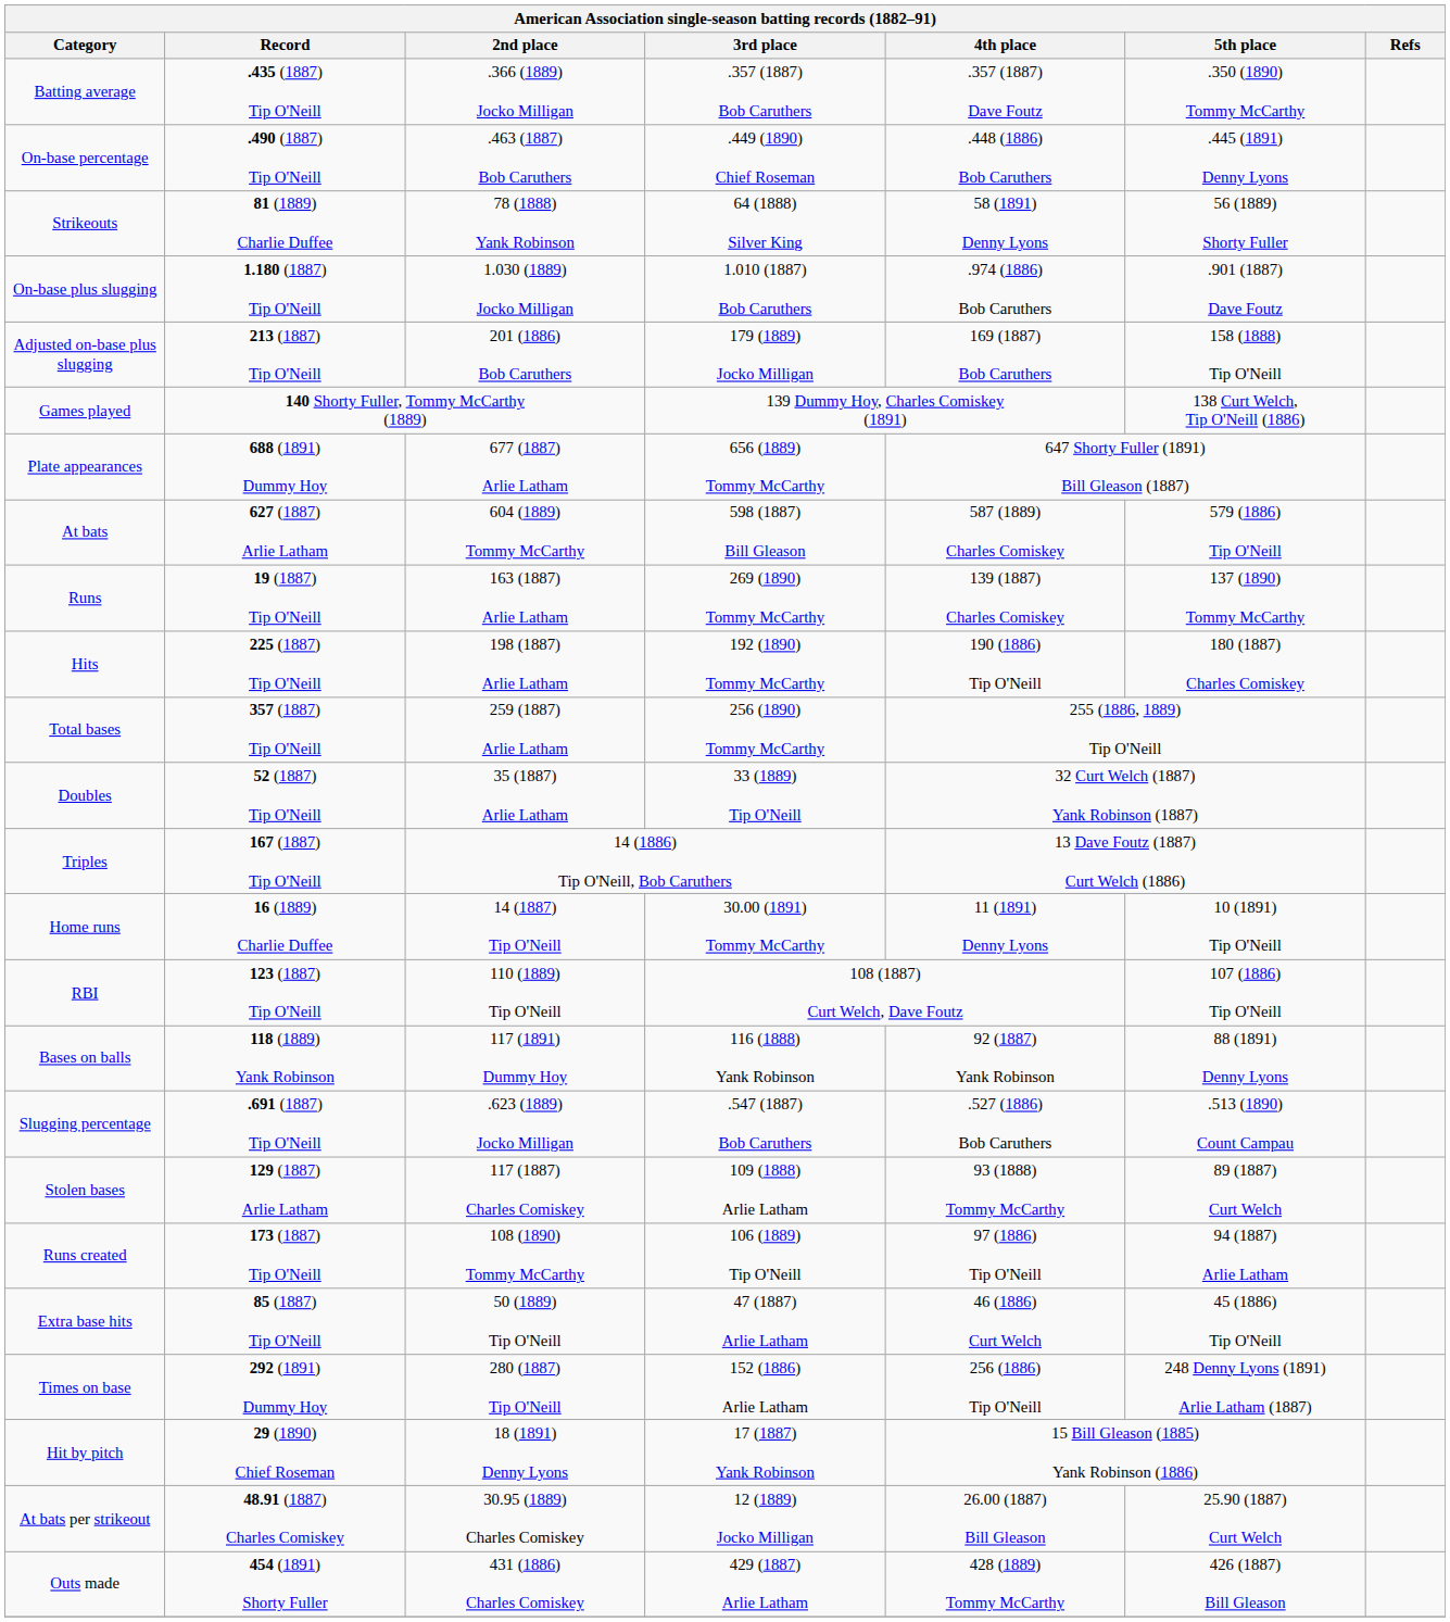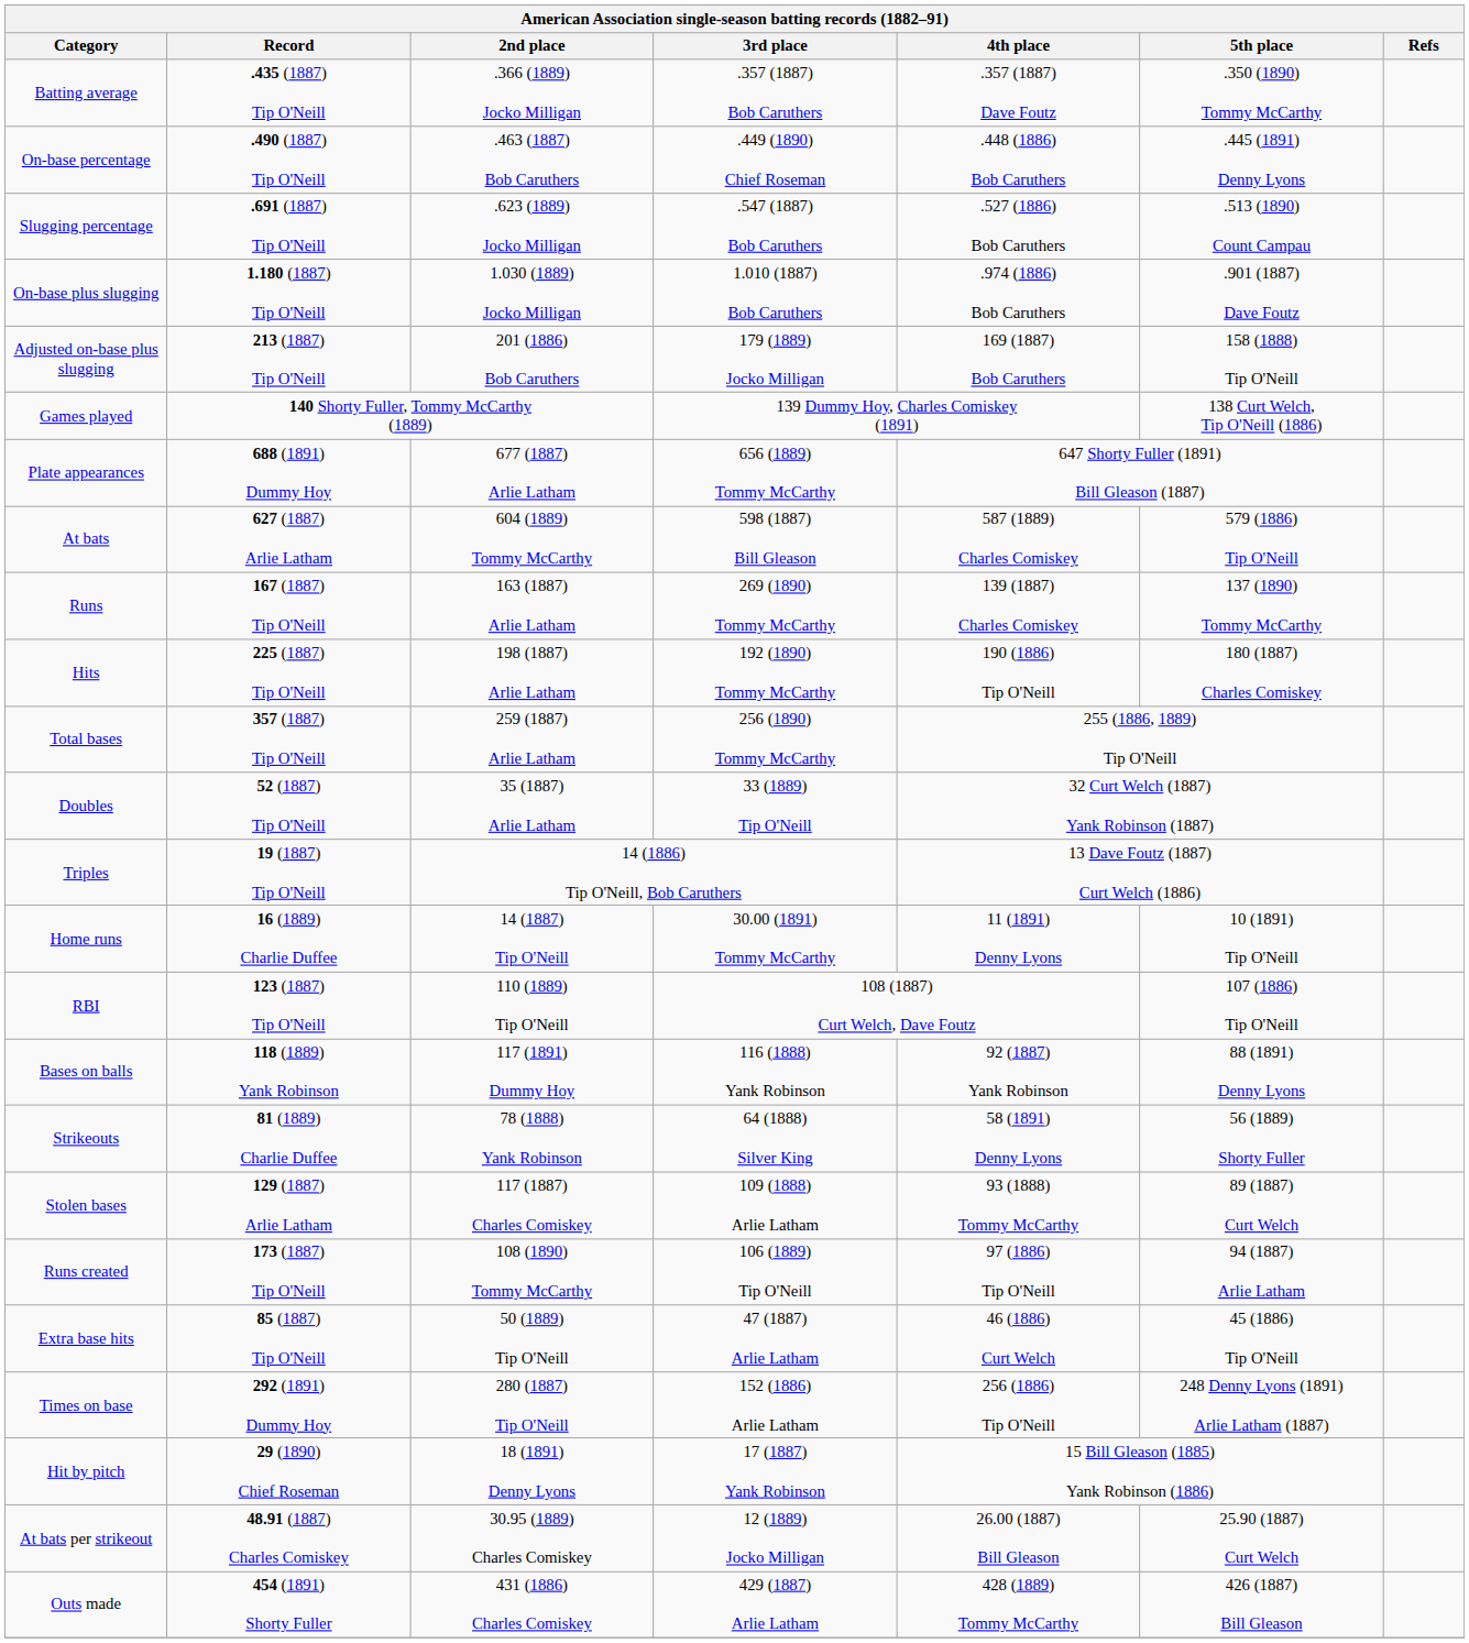 <table class="wikitable" style="text-align:center; font-size:88%; width:100%">
 <tr>
 <th colspan=7>American Association single-season batting records (1882–91)</th>
 </tr>
 <tr>
 <th scope="col" width=10%>Category</th>
 <th scope="col" width=15%>Record</th>
 <th scope="col" width=15%>2nd place</th>
 <th scope="col" width=15%>3rd place</th>
 <th scope="col" width=15%>4th place</th>
 <th scope="col" width=15%>5th place</th>
 <th scope="col" width=5%>Refs</th>
 </tr>
 <tr>
 <td><a href='#'>Batting average</a></td>
 <td><strong>.435</strong> (<a href='#'>1887</a>)<br><br><a href='#'>Tip O'Neill</a></td>
 <td>.366 (<a href='#'>1889</a>)<br><br><a href='#'>Jocko Milligan</a></td>
 <td>.357 (1887)<br><br><a href='#'>Bob Caruthers</a></td>
 <td>.357 (1887)<br><br><a href='#'>Dave Foutz</a></td>
 <td>.350 (<a href='#'>1890</a>)<br><br><a href='#'>Tommy McCarthy</a></td>
 <td></td>
 </tr>
 <tr>
 <td><a href='#'>On-base percentage</a></td>
 <td><strong>.490</strong> (<a href='#'>1887</a>)<br><br><a href='#'>Tip O'Neill</a></td>
 <td>.463 (<a href='#'>1887</a>)<br><br><a href='#'>Bob Caruthers</a></td>
 <td>.449 (<a href='#'>1890</a>)<br><br><a href='#'>Chief Roseman</a></td>
 <td>.448 (<a href='#'>1886</a>)<br><br><a href='#'>Bob Caruthers</a></td>
 <td>.445 (<a href='#'>1891</a>)<br><br><a href='#'>Denny Lyons</a></td>
 <td></td>
 </tr>
 <tr>
-<td><a href='#'>Strikeouts</a></td>
-<td><strong>81</strong> (<a href='#'>1889</a>)<br><br><a href='#'>Charlie Duffee</a></td>
-<td>78 (<a href='#'>1888</a>)<br><br><a href='#'>Yank Robinson</a></td>
-<td>64 (1888)<br><br><a href='#'>Silver King</a></td>
-<td>58 (<a href='#'>1891</a>)<br><br><a href='#'>Denny Lyons</a></td>
-<td>56 (1889)<br><br><a href='#'>Shorty Fuller</a></td>
+<td><a href='#'>Slugging percentage</a></td>
+<td><strong>.691</strong> (<a href='#'>1887</a>)<br><br><a href='#'>Tip O'Neill</a></td>
+<td>.623 (<a href='#'>1889</a>)<br><br><a href='#'>Jocko Milligan</a></td>
+<td>.547 (1887)<br><br><a href='#'>Bob Caruthers</a></td>
+<td>.527 (<a href='#'>1886</a>)<br><br>Bob Caruthers</td>
+<td>.513 (<a href='#'>1890</a>)<br><br><a href='#'>Count Campau</a></td>
 <td></td>
 </tr>
 <tr>
 <td><a href='#'>On-base plus slugging</a></td>
 <td><strong>1.180</strong> (<a href='#'>1887</a>)<br><br><a href='#'>Tip O'Neill</a></td>
 <td>1.030 (<a href='#'>1889</a>)<br><br><a href='#'>Jocko Milligan</a></td>
 <td>1.010 (1887)<br><br><a href='#'>Bob Caruthers</a></td>
 <td>.974 (<a href='#'>1886</a>)<br><br>Bob Caruthers</td>
 <td>.901 (1887)<br><br><a href='#'>Dave Foutz</a></td>
 <td></td>
 </tr>
 <tr>
 <td><a href='#'>Adjusted on-base plus slugging</a></td>
 <td><strong>213</strong> (<a href='#'>1887</a>)<br><br><a href='#'>Tip O'Neill</a></td>
 <td>201 (<a href='#'>1886</a>)<br><br><a href='#'>Bob Caruthers</a></td>
 <td>179 (<a href='#'>1889</a>)<br><br><a href='#'>Jocko Milligan</a></td>
 <td>169 (1887)<br><br><a href='#'>Bob Caruthers</a></td>
 <td>158 (<a href='#'>1888</a>)<br><br>Tip O'Neill</td>
 <td></td>
 </tr>
 <tr>
 <td><a href='#'>Games played</a></td>
 <td colspan="2" style="text-align: center;"><strong>140</strong> <a href='#'>Shorty Fuller</a>, <a href='#'>Tommy McCarthy</a><br> (<a href='#'>1889</a>)</td>
 <td colspan="2" style="text-align: center;">139 <a href='#'>Dummy Hoy</a>, <a href='#'>Charles Comiskey</a><br> (<a href='#'>1891</a>)</td>
 <td>138 <a href='#'>Curt Welch</a>,<br> <a href='#'>Tip O'Neill</a> (<a href='#'>1886</a>)</td>
 <td></td>
 </tr>
 <tr>
 <td><a href='#'>Plate appearances</a></td>
 <td><strong>688</strong> (<a href='#'>1891</a>)<br><br><a href='#'>Dummy Hoy</a></td>
 <td>677 (<a href='#'>1887</a>)<br><br><a href='#'>Arlie Latham</a></td>
 <td>656 (<a href='#'>1889</a>)<br><br><a href='#'>Tommy McCarthy</a></td>
 <td colspan="2" style="text-align: center;">647 <a href='#'>Shorty Fuller</a> (1891)<br><br><a href='#'>Bill Gleason</a> (1887)</td>
 <td></td>
 </tr>
 <tr>
 <td><a href='#'>At bats</a></td>
 <td><strong>627</strong> (<a href='#'>1887</a>)<br><br><a href='#'>Arlie Latham</a></td>
 <td>604 (<a href='#'>1889</a>)<br><br><a href='#'>Tommy McCarthy</a></td>
 <td>598 (1887)<br><br><a href='#'>Bill Gleason</a></td>
 <td>587 (1889)<br><br><a href='#'>Charles Comiskey</a></td>
 <td>579 (<a href='#'>1886</a>)<br><br><a href='#'>Tip O'Neill</a></td>
 <td></td>
 </tr>
 <tr>
 <td><a href='#'>Runs</a></td>
-<td><strong>19</strong> (<a href='#'>1887</a>)<br><br><a href='#'>Tip O'Neill</a></td>
+<td><strong>167</strong> (<a href='#'>1887</a>)<br><br><a href='#'>Tip O'Neill</a></td>
 <td>163 (1887)<br><br><a href='#'>Arlie Latham</a></td>
 <td>269 (<a href='#'>1890</a>)<br><br><a href='#'>Tommy McCarthy</a></td>
 <td>139 (1887)<br><br><a href='#'>Charles Comiskey</a></td>
 <td>137 (<a href='#'>1890</a>)<br><br><a href='#'>Tommy McCarthy</a></td>
 <td></td>
 </tr>
 <tr>
 <td><a href='#'>Hits</a></td>
 <td><strong>225</strong>  (<a href='#'>1887</a>)<br><br><a href='#'>Tip O'Neill</a></td>
 <td>198 (1887)<br><br><a href='#'>Arlie Latham</a></td>
 <td>192 (<a href='#'>1890</a>)<br><br><a href='#'>Tommy McCarthy</a></td>
 <td>190 (<a href='#'>1886</a>)<br><br>Tip O'Neill</td>
 <td>180 (1887)<br><br><a href='#'>Charles Comiskey</a></td>
 <td></td>
 </tr>
 <tr>
 <td><a href='#'>Total bases</a></td>
 <td><strong>357</strong> (<a href='#'>1887</a>)<br><br><a href='#'>Tip O'Neill</a></td>
 <td>259 (1887)<br><br><a href='#'>Arlie Latham</a></td>
 <td>256 (<a href='#'>1890</a>)<br><br><a href='#'>Tommy McCarthy</a></td>
 <td colspan="2" style="text-align: center;">255 (<a href='#'>1886</a>, <a href='#'>1889</a>)<br><br>Tip O'Neill</td>
 <td></td>
 </tr>
 <tr>
 <td><a href='#'>Doubles</a></td>
 <td><strong>52</strong> (<a href='#'>1887</a>)<br><br><a href='#'>Tip O'Neill</a></td>
 <td>35 (1887)<br><br><a href='#'>Arlie Latham</a></td>
 <td>33 (<a href='#'>1889</a>)<br><br><a href='#'>Tip O'Neill</a></td>
 <td colspan="2" style="text-align: center;">32 <a href='#'>Curt Welch</a> (1887)<br><br><a href='#'>Yank Robinson</a> (1887)</td>
 <td></td>
 </tr>
 <tr>
 <td><a href='#'>Triples</a></td>
-<td><strong>167</strong> (<a href='#'>1887</a>)<br><br><a href='#'>Tip O'Neill</a></td>
+<td><strong>19</strong> (<a href='#'>1887</a>)<br><br><a href='#'>Tip O'Neill</a></td>
 <td colspan="2" style="text-align: center;">14 (<a href='#'>1886</a>)<br><br>Tip O'Neill, <a href='#'>Bob Caruthers</a></td>
 <td colspan="2" style="text-align: center;">13 <a href='#'>Dave Foutz</a> (1887)<br><br><a href='#'>Curt Welch</a> (1886)</td>
 <td></td>
 </tr>
 <tr>
 <td><a href='#'>Home runs</a></td>
 <td><strong>16</strong> (<a href='#'>1889</a>)<br><br><a href='#'>Charlie Duffee</a></td>
 <td>14 (<a href='#'>1887</a>)<br><br><a href='#'>Tip O'Neill</a></td>
 <td>30.00 (<a href='#'>1891</a>)<br><br><a href='#'>Tommy McCarthy</a></td>
 <td>11 (<a href='#'>1891</a>)<br><br><a href='#'>Denny Lyons</a></td>
 <td>10 (1891)<br><br>Tip O'Neill</td>
 <td></td>
 </tr>
 <tr>
 <td><a href='#'>RBI</a></td>
 <td><strong>123</strong> (<a href='#'>1887</a>)<br><br><a href='#'>Tip O'Neill</a></td>
 <td>110 (<a href='#'>1889</a>)<br><br>Tip O'Neill</td>
 <td colspan="2" style="text-align: center;">108 (1887)<br><br><a href='#'>Curt Welch</a>, <a href='#'>Dave Foutz</a></td>
 <td>107 (<a href='#'>1886</a>)<br><br>Tip O'Neill</td>
 <td></td>
 </tr>
 <tr>
 <td><a href='#'>Bases on balls</a></td>
 <td><strong>118</strong> (<a href='#'>1889</a>)<br><br><a href='#'>Yank Robinson</a></td>
 <td>117 (<a href='#'>1891</a>)<br><br><a href='#'>Dummy Hoy</a></td>
 <td>116 (<a href='#'>1888</a>)<br><br>Yank Robinson</td>
 <td>92 (<a href='#'>1887</a>)<br><br>Yank Robinson</td>
 <td>88 (1891)<br><br><a href='#'>Denny Lyons</a></td>
 <td></td>
 </tr>
 <tr>
-<td><a href='#'>Slugging percentage</a></td>
-<td><strong>.691</strong> (<a href='#'>1887</a>)<br><br><a href='#'>Tip O'Neill</a></td>
-<td>.623 (<a href='#'>1889</a>)<br><br><a href='#'>Jocko Milligan</a></td>
-<td>.547 (1887)<br><br><a href='#'>Bob Caruthers</a></td>
-<td>.527 (<a href='#'>1886</a>)<br><br>Bob Caruthers</td>
-<td>.513 (<a href='#'>1890</a>)<br><br><a href='#'>Count Campau</a></td>
+<td><a href='#'>Strikeouts</a></td>
+<td><strong>81</strong> (<a href='#'>1889</a>)<br><br><a href='#'>Charlie Duffee</a></td>
+<td>78 (<a href='#'>1888</a>)<br><br><a href='#'>Yank Robinson</a></td>
+<td>64 (1888)<br><br><a href='#'>Silver King</a></td>
+<td>58 (<a href='#'>1891</a>)<br><br><a href='#'>Denny Lyons</a></td>
+<td>56 (1889)<br><br><a href='#'>Shorty Fuller</a></td>
 <td></td>
 </tr>
 <tr>
 <td><a href='#'>Stolen bases</a></td>
 <td><strong>129</strong> (<a href='#'>1887</a>)<br><br><a href='#'>Arlie Latham</a></td>
 <td>117 (1887)<br><br><a href='#'>Charles Comiskey</a></td>
 <td>109 (<a href='#'>1888</a>)<br><br>Arlie Latham</td>
 <td>93 (1888)<br><br><a href='#'>Tommy McCarthy</a></td>
 <td>89 (1887)<br><br><a href='#'>Curt Welch</a></td>
 <td></td>
 </tr>
 <tr>
 <td><a href='#'>Runs created</a></td>
 <td><strong>173</strong> (<a href='#'>1887</a>)<br><br><a href='#'>Tip O'Neill</a></td>
 <td>108 (<a href='#'>1890</a>)<br><br><a href='#'>Tommy McCarthy</a></td>
 <td>106 (<a href='#'>1889</a>)<br><br>Tip O'Neill</td>
 <td>97 (<a href='#'>1886</a>)<br><br>Tip O'Neill</td>
 <td>94 (1887)<br><br><a href='#'>Arlie Latham</a></td>
 <td></td>
 </tr>
 <tr>
 <td><a href='#'>Extra base hits</a></td>
 <td><strong>85</strong> (<a href='#'>1887</a>)<br><br><a href='#'>Tip O'Neill</a></td>
 <td>50 (<a href='#'>1889</a>)<br><br>Tip O'Neill</td>
 <td>47 (1887)<br><br><a href='#'>Arlie Latham</a></td>
 <td>46 (<a href='#'>1886</a>)<br><br><a href='#'>Curt Welch</a></td>
 <td>45 (1886)<br><br>Tip O'Neill</td>
 <td></td>
 </tr>
 <tr>
 <td><a href='#'>Times on base</a></td>
 <td><strong>292</strong> (<a href='#'>1891</a>)<br><br><a href='#'>Dummy Hoy</a></td>
 <td>280 (<a href='#'>1887</a>)<br><br><a href='#'>Tip O'Neill</a></td>
 <td>152 (<a href='#'>1886</a>)<br><br>Arlie Latham</td>
 <td>256 (<a href='#'>1886</a>)<br><br>Tip O'Neill</td>
 <td>248 <a href='#'>Denny Lyons</a> (1891)<br><br><a href='#'>Arlie Latham</a> (1887)</td>
 <td></td>
 </tr>
 <tr>
 <td><a href='#'>Hit by pitch</a></td>
 <td><strong>29</strong> (<a href='#'>1890</a>)<br><br><a href='#'>Chief Roseman</a></td>
 <td>18 (<a href='#'>1891</a>)<br><br><a href='#'>Denny Lyons</a></td>
 <td>17 (<a href='#'>1887</a>)<br><br><a href='#'>Yank Robinson</a></td>
 <td colspan="2" style="text-align: center;">15 <a href='#'>Bill Gleason</a> (<a href='#'>1885</a>)<br><br>Yank Robinson (<a href='#'>1886</a>)<br></td>
 <td></td>
 </tr>
 <tr>
 <td><a href='#'>At bats</a> per <a href='#'>strikeout</a></td>
 <td><strong>48.91</strong> (<a href='#'>1887</a>)<br><br><a href='#'>Charles Comiskey</a></td>
 <td>30.95 (<a href='#'>1889</a>)<br><br>Charles Comiskey</td>
 <td>12 (<a href='#'>1889</a>)<br><br><a href='#'>Jocko Milligan</a></td>
 <td>26.00 (1887)<br><br><a href='#'>Bill Gleason</a></td>
 <td>25.90 (1887)<br><br><a href='#'>Curt Welch</a></td>
 <td></td>
 </tr>
 <tr>
 <td><a href='#'>Outs</a> made</td>
 <td><strong>454</strong> (<a href='#'>1891</a>)<br><br><a href='#'>Shorty Fuller</a></td>
 <td>431 (<a href='#'>1886</a>)<br><br><a href='#'>Charles Comiskey</a></td>
 <td>429 (<a href='#'>1887</a>)<br><br><a href='#'>Arlie Latham</a></td>
 <td>428 (<a href='#'>1889</a>)<br><br><a href='#'>Tommy McCarthy</a></td>
 <td>426 (1887)<br><br><a href='#'>Bill Gleason</a></td>
 <td></td>
 </tr>
 <tr>
 </tr>
 </table>
